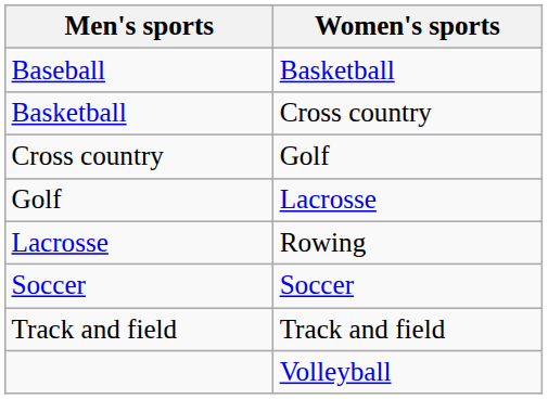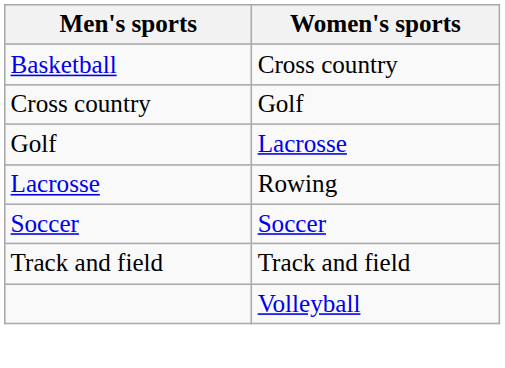 <table class="wikitable"; style= "text-align: ">
 <tr>
 <th width=150px>Men's sports</th>
 <th width=150px>Women's sports</th>
-</tr>
-<tr>
-<td><a href='#'>Baseball</a></td>
-<td><a href='#'>Basketball</a></td>
 </tr>
 <tr>
 <td><a href='#'>Basketball</a></td>
 <td>Cross country</td>
 </tr>
 <tr>
 <td>Cross country</td>
 <td>Golf</td>
 </tr>
 <tr>
 <td>Golf</td>
 <td><a href='#'>Lacrosse</a></td>
 </tr>
 <tr>
 <td><a href='#'>Lacrosse</a></td>
 <td>Rowing</td>
 </tr>
 <tr>
 <td><a href='#'>Soccer</a></td>
 <td><a href='#'>Soccer</a></td>
 </tr>
 <tr>
 <td>Track and field</td>
 <td>Track and field</td>
 </tr>
 <tr>
 <td></td>
 <td><a href='#'>Volleyball</a></td>
 </tr>
 </table>
